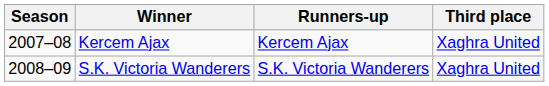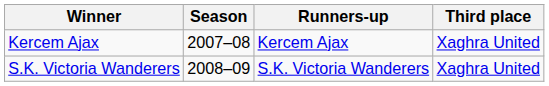 <table class="wikitable sortable">
 <tr>
+<th>Winner</th>
 <th>Season</th>
-<th>Winner</th>
 <th>Runners-up</th>
 <th>Third place</th>
 </tr>
 <tr>
+<td><a href='#'>Kercem Ajax</a></td>
 <td align="center">2007–08</td>
-<td><a href='#'>Kercem Ajax</a></td>
 <td><a href='#'>Kercem Ajax</a></td>
 <td><a href='#'>Xaghra United</a></td>
 </tr>
 <tr>
+<td><a href='#'>S.K. Victoria Wanderers</a></td>
 <td align="center">2008–09</td>
-<td><a href='#'>S.K. Victoria Wanderers</a></td>
 <td><a href='#'>S.K. Victoria Wanderers</a></td>
 <td><a href='#'>Xaghra United</a></td>
 </tr>
 </table>
